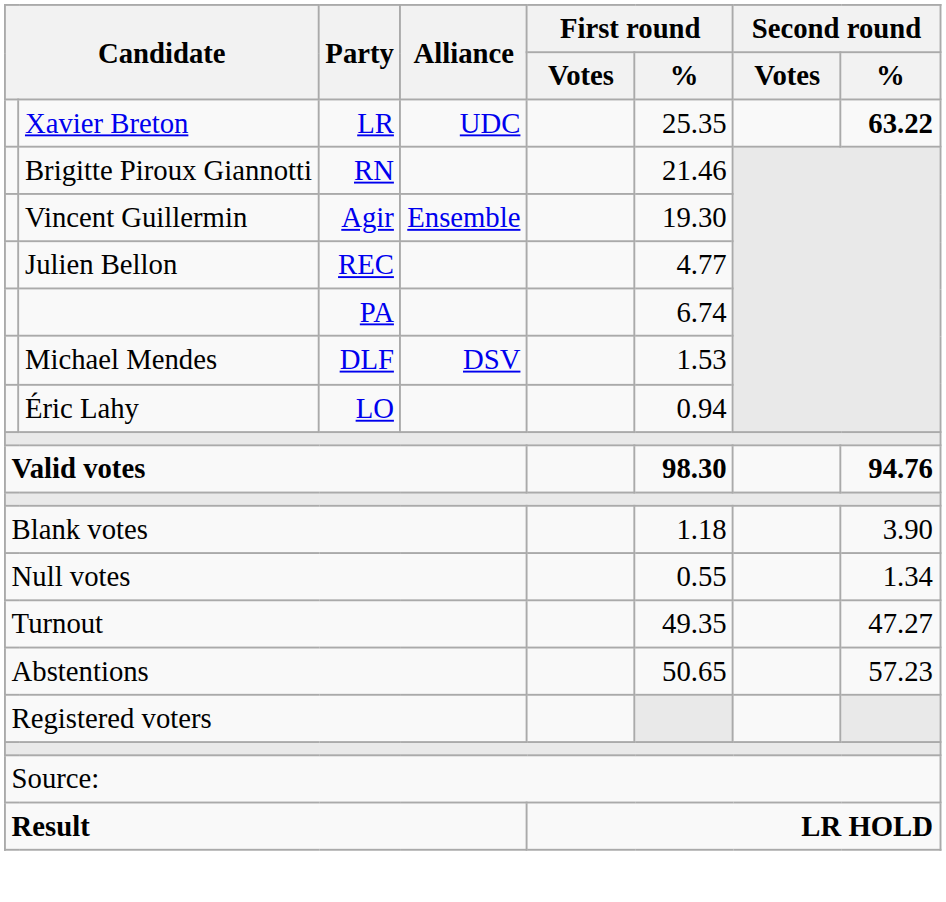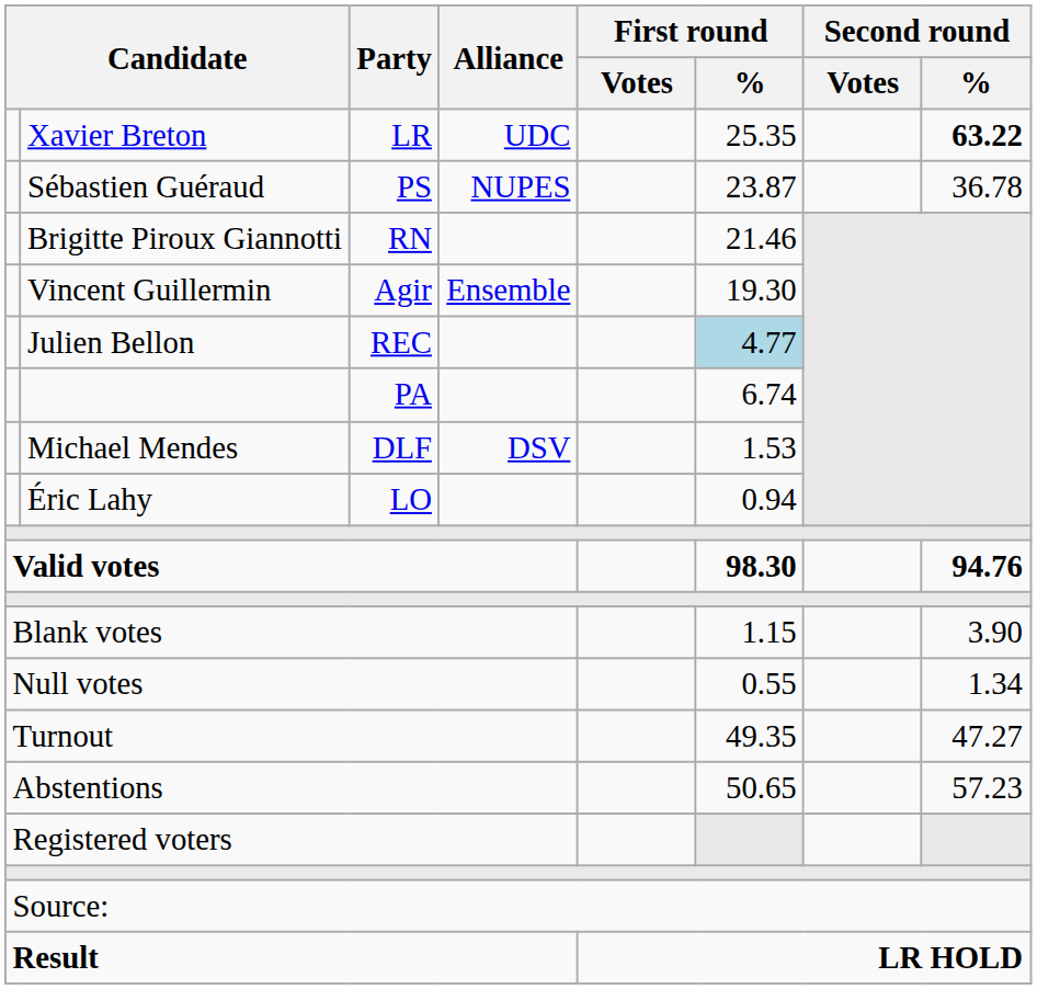 <table class="wikitable" style="text-align:right;font-size:95%;">
 <tr>
 <th colspan="2" rowspan="2">Candidate</th>
 <th colspan="1" rowspan="2">Party</th>
 <th colspan="1" rowspan="2">Alliance</th>
 <th colspan="2">First round</th>
 <th colspan="2">Second round</th>
 </tr>
 <tr>
 <th style="width:50px;">Votes</th>
 <th style="width:45px;">%</th>
 <th style="width:50px;">Votes</th>
 <th style="width:45px;">%</th>
 </tr>
 <tr>
 <td style="color:inherit;background:"></td>
 <td style="text-align:left;"><a href='#'>Xavier Breton</a></td>
 <td><a href='#'>LR</a></td>
 <td><a href='#'>UDC</a></td>
 <td></td>
 <td>25.35</td>
 <td><strong></strong></td>
 <td><strong>63.22</strong></td>
 </tr>
 <tr>
 <td style="color:inherit;background:"></td>
+<td style="text-align:left;">Sébastien Guéraud</td>
+<td><a href='#'>PS</a></td>
+<td><a href='#'>NUPES</a></td>
+<td></td>
+<td>23.87</td>
+<td></td>
+<td>36.78</td>
+</tr>
+<tr>
+<td style="color:inherit;background:"></td>
 <td style="text-align:left;">Brigitte Piroux Giannotti</td>
 <td><a href='#'>RN</a></td>
 <td></td>
 <td></td>
 <td>21.46</td>
 <td colspan="2" rowspan="6" style="background:#E9E9E9;"></td>
 </tr>
 <tr>
 <td style="color:inherit;background:"></td>
 <td style="text-align:left;">Vincent Guillermin</td>
 <td><a href='#'>Agir</a></td>
 <td><a href='#'>Ensemble</a></td>
 <td></td>
 <td>19.30</td>
 </tr>
 <tr>
 <td style="color:inherit;background:"></td>
 <td style="text-align:left;">Julien Bellon</td>
 <td><a href='#'>REC</a></td>
 <td></td>
 <td></td>
-<td>4.77</td>
+<td style="background: lightblue;">4.77</td>
 </tr>
 <tr>
 <td style="color:inherit;background:"></td>
 <td style="text-align:left;"></td>
 <td><a href='#'>PA</a></td>
 <td></td>
 <td></td>
 <td>6.74</td>
 </tr>
 <tr>
 <td style="color:inherit;background:"></td>
 <td style="text-align:left;">Michael Mendes</td>
 <td><a href='#'>DLF</a></td>
 <td><a href='#'>DSV</a></td>
 <td></td>
 <td>1.53</td>
 </tr>
 <tr>
 <td style="color:inherit;background:"></td>
 <td style="text-align:left;">Éric Lahy</td>
 <td><a href='#'>LO</a></td>
 <td></td>
 <td></td>
 <td>0.94</td>
 </tr>
 <tr>
 <td colspan="8" style="background:#E9E9E9;"></td>
 </tr>
 <tr style="font-weight:bold;">
 <td colspan="4" style="text-align:left;">Valid votes</td>
 <td></td>
 <td>98.30</td>
 <td></td>
 <td>94.76</td>
 </tr>
 <tr>
 <td colspan="8" style="background:#E9E9E9;"></td>
 </tr>
 <tr>
 <td colspan="4" style="text-align:left;">Blank votes</td>
 <td></td>
-<td>1.18</td>
+<td>1.15</td>
 <td></td>
 <td>3.90</td>
 </tr>
 <tr>
 <td colspan="4" style="text-align:left;">Null votes</td>
 <td></td>
 <td>0.55</td>
 <td></td>
 <td>1.34</td>
 </tr>
 <tr>
 <td colspan="4" style="text-align:left;">Turnout</td>
 <td></td>
 <td>49.35</td>
 <td></td>
 <td>47.27</td>
 </tr>
 <tr>
 <td colspan="4" style="text-align:left;">Abstentions</td>
 <td></td>
 <td>50.65</td>
 <td></td>
 <td>57.23</td>
 </tr>
 <tr>
 <td colspan="4" style="text-align:left;">Registered voters</td>
 <td></td>
 <td style="color:inherit;background:#E9E9E9;"></td>
 <td></td>
 <td style="color:inherit;background:#E9E9E9;"></td>
 </tr>
 <tr>
 <td colspan="8" style="background:#E9E9E9;"></td>
 </tr>
 <tr>
 <td colspan="8" style="text-align:left;">Source: </td>
 </tr>
 <tr style="font-weight:bold">
 <td colspan="4" style="text-align:left;">Result</td>
 <td colspan="4" style="background-color:">LR HOLD</td>
 </tr>
 </table>
